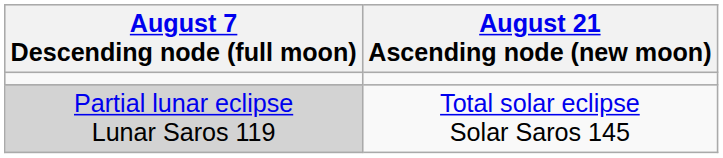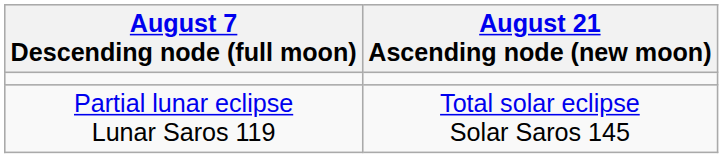 <table class="wikitable">
 <tr>
 <th><a href='#'>August 7</a><br>Descending node (full moon)<br></th>
 <th><a href='#'>August 21</a><br>Ascending node (new moon)<br></th>
 </tr>
 <tr>
 <td></td>
 <td></td>
 </tr>
 <tr align=center>
-<td style="background: lightgrey;"><a href='#'>Partial lunar eclipse</a><br>Lunar Saros 119</td>
+<td><a href='#'>Partial lunar eclipse</a><br>Lunar Saros 119</td>
 <td><a href='#'>Total solar eclipse</a><br>Solar Saros 145</td>
 </tr>
 </table>
